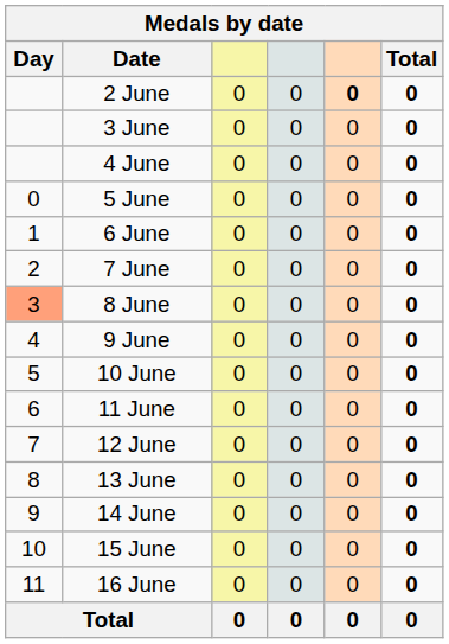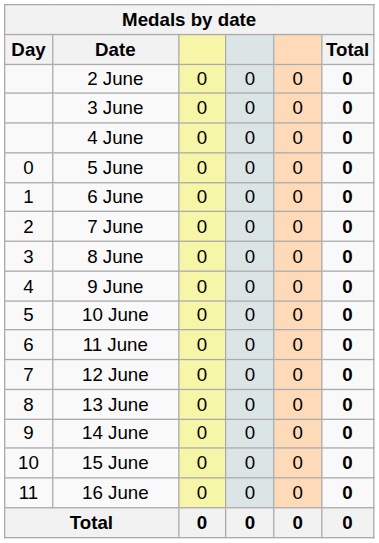 <table class="wikitable" style="font-size:90%; text-align:center;">
 <tr style="background:#efefef;">
 <th colspan=6>Medals by date</th>
 </tr>
 <tr>
 <th width=30>Day</th>
 <th width=90>Date</th>
 <th width=30 style="background:#F7F6A8;"></th>
 <th width=30 style="background:#DCE5E5;"></th>
 <th width=30 style="background:#FFDAB9;"></th>
 <th width=30>Total</th>
 </tr>
 <tr>
 <td></td>
 <td>2 June</td>
 <td style="background:#F7F6A8;">0</td>
 <td style="background:#DCE5E5;">0</td>
-<td style="background:#FFDAB9;"><strong>0</strong></td>
+<td style="background:#FFDAB9;">0</td>
 <td><strong>0</strong></td>
 </tr>
 <tr>
 <td></td>
 <td>3 June</td>
 <td style="background:#F7F6A8;">0</td>
 <td style="background:#DCE5E5;">0</td>
 <td style="background:#FFDAB9;">0</td>
 <td><strong>0</strong></td>
 </tr>
 <tr>
 <td></td>
 <td>4 June</td>
 <td style="background:#F7F6A8;">0</td>
 <td style="background:#DCE5E5;">0</td>
 <td style="background:#FFDAB9;">0</td>
 <td><strong>0</strong></td>
 </tr>
 <tr>
 <td>0</td>
 <td>5 June</td>
 <td style="background:#F7F6A8;">0</td>
 <td style="background:#DCE5E5;">0</td>
 <td style="background:#FFDAB9;">0</td>
 <td><strong>0</strong></td>
 </tr>
 <tr>
 <td>1</td>
 <td>6 June</td>
 <td style="background:#F7F6A8;">0</td>
 <td style="background:#DCE5E5;">0</td>
 <td style="background:#FFDAB9;">0</td>
 <td><strong>0</strong></td>
 </tr>
 <tr>
 <td>2</td>
 <td>7 June</td>
 <td style="background:#F7F6A8;">0</td>
 <td style="background:#DCE5E5;">0</td>
 <td style="background:#FFDAB9;">0</td>
 <td><strong>0</strong></td>
 </tr>
 <tr>
-<td style="background: lightsalmon;">3</td>
+<td>3</td>
 <td>8 June</td>
 <td style="background:#F7F6A8;">0</td>
 <td style="background:#DCE5E5;">0</td>
 <td style="background:#FFDAB9;">0</td>
 <td><strong>0</strong></td>
 </tr>
 <tr>
 <td>4</td>
 <td>9 June</td>
 <td style="background:#F7F6A8;">0</td>
 <td style="background:#DCE5E5;">0</td>
 <td style="background:#FFDAB9;">0</td>
 <td><strong>0</strong></td>
 </tr>
 <tr>
 <td>5</td>
 <td>10 June</td>
 <td style="background:#F7F6A8;">0</td>
 <td style="background:#DCE5E5;">0</td>
 <td style="background:#FFDAB9;">0</td>
 <td><strong>0</strong></td>
 </tr>
 <tr>
 <td>6</td>
 <td>11 June</td>
 <td style="background:#F7F6A8;">0</td>
 <td style="background:#DCE5E5;">0</td>
 <td style="background:#FFDAB9;">0</td>
 <td><strong>0</strong></td>
 </tr>
 <tr>
 <td>7</td>
 <td>12 June</td>
 <td style="background:#F7F6A8;">0</td>
 <td style="background:#DCE5E5;">0</td>
 <td style="background:#FFDAB9;">0</td>
 <td><strong>0</strong></td>
 </tr>
 <tr>
 <td>8</td>
 <td>13 June</td>
 <td style="background:#F7F6A8;">0</td>
 <td style="background:#DCE5E5;">0</td>
 <td style="background:#FFDAB9;">0</td>
 <td><strong>0</strong></td>
 </tr>
 <tr>
 <td>9</td>
 <td>14 June</td>
 <td style="background:#F7F6A8;">0</td>
 <td style="background:#DCE5E5;">0</td>
 <td style="background:#FFDAB9;">0</td>
 <td><strong>0</strong></td>
 </tr>
 <tr>
 <td>10</td>
 <td>15 June</td>
 <td style="background:#F7F6A8;">0</td>
 <td style="background:#DCE5E5;">0</td>
 <td style="background:#FFDAB9;">0</td>
 <td><strong>0</strong></td>
 </tr>
 <tr>
 <td>11</td>
 <td>16 June</td>
 <td style="background:#F7F6A8;">0</td>
 <td style="background:#DCE5E5;">0</td>
 <td style="background:#FFDAB9;">0</td>
 <td><strong>0</strong></td>
 </tr>
 <tr>
 <th colspan="2">Total</th>
 <th>0</th>
 <th>0</th>
 <th>0</th>
 <th>0</th>
 </tr>
 </table>
